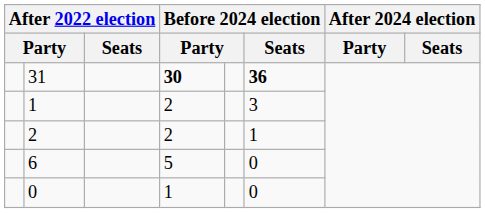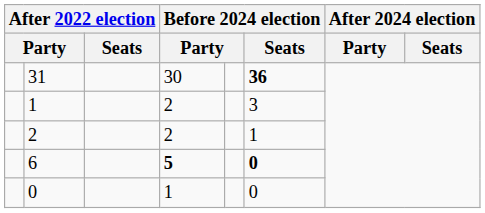 <table class="wikitable">
 <tr>
 <th colspan="3">After <a href='#'>2022 election</a></th>
 <th colspan="3">Before 2024 election</th>
 <th colspan="3">After 2024 election</th>
 </tr>
 <tr>
 <th colspan="2">Party</th>
 <th>Seats</th>
 <th colspan="2">Party</th>
 <th>Seats</th>
 <th colspan="2">Party</th>
 <th>Seats</th>
 </tr>
 <tr>
 <td></td>
 <td>31</td>
 <td></td>
-<td><strong>30</strong></td>
+<td>30</td>
 <td></td>
 <td><strong>36</strong></td>
 </tr>
 <tr>
 <td></td>
 <td>1</td>
 <td></td>
 <td>2</td>
 <td></td>
 <td>3</td>
 </tr>
 <tr>
 <td></td>
 <td>2</td>
 <td></td>
 <td>2</td>
 <td></td>
 <td>1</td>
 </tr>
 <tr>
 <td></td>
 <td>6</td>
 <td></td>
-<td>5</td>
+<td><strong>5</strong></td>
 <td></td>
-<td>0</td>
+<td><strong>0</strong></td>
 </tr>
 <tr>
 <td></td>
 <td>0</td>
 <td></td>
 <td>1</td>
 <td></td>
 <td>0</td>
 </tr>
 </table>
